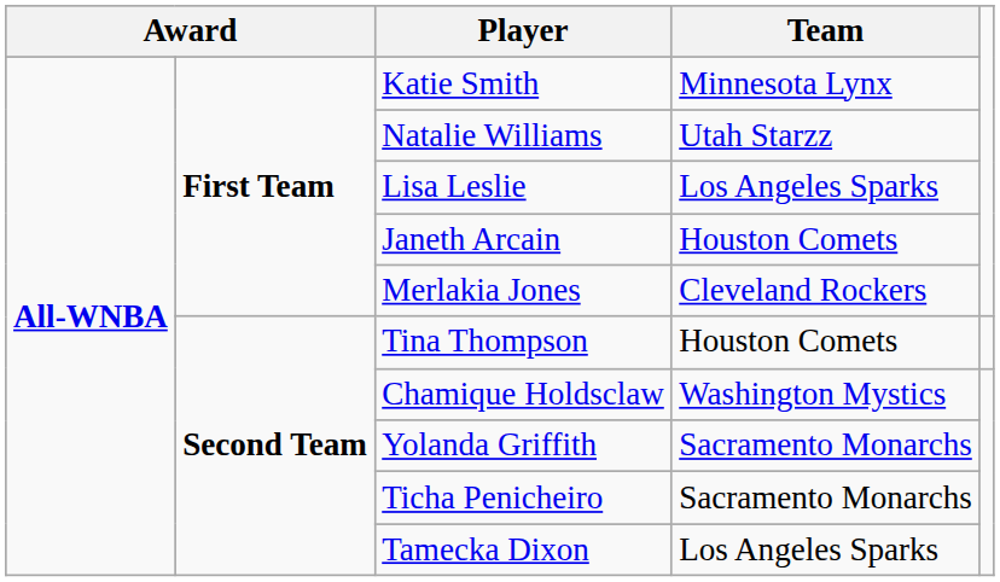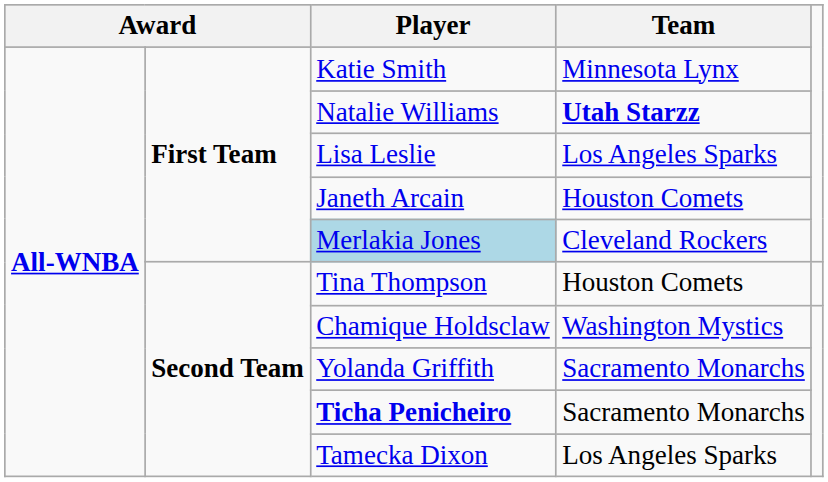 <table class="wikitable">
 <tr>
 <th colspan=2>Award</th>
 <th>Player</th>
 <th>Team</th>
 </tr>
 <tr>
 <td rowspan=10><strong><a href='#'>All-WNBA</a></strong></td>
 <td rowspan=5><strong>First Team</strong></td>
 <td><a href='#'>Katie Smith</a></td>
 <td><a href='#'>Minnesota Lynx</a></td>
 </tr>
 <tr>
 <td><a href='#'>Natalie Williams</a></td>
-<td><a href='#'>Utah Starzz</a></td>
+<td><strong><a href='#'>Utah Starzz</a></strong></td>
 </tr>
 <tr>
 <td><a href='#'>Lisa Leslie</a></td>
 <td><a href='#'>Los Angeles Sparks</a></td>
 </tr>
 <tr>
 <td><a href='#'>Janeth Arcain</a></td>
 <td><a href='#'>Houston Comets</a></td>
 </tr>
 <tr>
-<td><a href='#'>Merlakia Jones</a></td>
+<td style="background: lightblue;"><a href='#'>Merlakia Jones</a></td>
 <td><a href='#'>Cleveland Rockers</a></td>
 </tr>
 <tr>
 <td rowspan=5><strong>Second Team</strong></td>
 <td><a href='#'>Tina Thompson</a></td>
 <td>Houston Comets</td>
 <td></td>
 </tr>
 <tr>
 <td><a href='#'>Chamique Holdsclaw</a></td>
 <td><a href='#'>Washington Mystics</a></td>
 </tr>
 <tr>
 <td><a href='#'>Yolanda Griffith</a></td>
 <td><a href='#'>Sacramento Monarchs</a></td>
 </tr>
 <tr>
-<td><a href='#'>Ticha Penicheiro</a></td>
+<td><strong><a href='#'>Ticha Penicheiro</a></strong></td>
 <td>Sacramento Monarchs</td>
 </tr>
 <tr>
 <td><a href='#'>Tamecka Dixon</a></td>
 <td>Los Angeles Sparks</td>
 </tr>
 </table>
